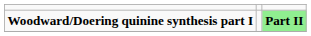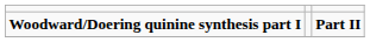 <table align="center"  class="wikitable">
 <tr>
 <td></td>
 <td></td>
 <td></td>
 </tr>
 <tr>
 <td><strong>Woodward/Doering quinine synthesis part I</strong></td>
 <td></td>
-<td style="background: lightgreen;"><strong>Part II</strong></td>
+<td><strong>Part II</strong></td>
 </tr>
 <tr>
 </tr>
 </table>
